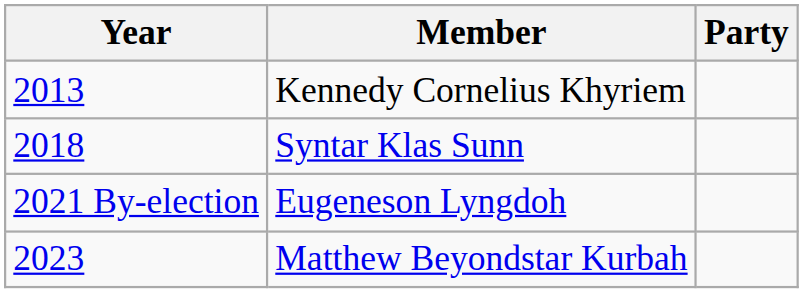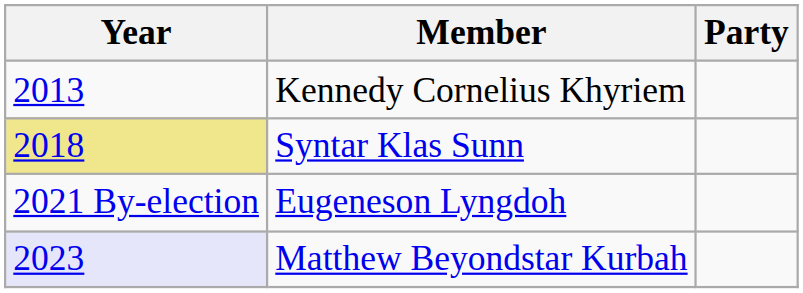 <table class="wikitable sortable">
 <tr>
 <th>Year</th>
 <th>Member</th>
 <th colspan="2">Party</th>
 </tr>
 <tr>
 <td><a href='#'>2013</a></td>
 <td>Kennedy Cornelius Khyriem</td>
 <td></td>
 </tr>
 <tr>
-<td><a href='#'>2018</a></td>
+<td style="background: khaki;"><a href='#'>2018</a></td>
 <td><a href='#'>Syntar Klas Sunn</a></td>
 <td></td>
 </tr>
 <tr>
 <td><a href='#'>2021 By-election</a></td>
 <td><a href='#'>Eugeneson Lyngdoh</a></td>
 <td></td>
 </tr>
 <tr>
-<td><a href='#'>2023</a></td>
+<td style="background: lavender;"><a href='#'>2023</a></td>
 <td><a href='#'>Matthew Beyondstar Kurbah</a></td>
 </tr>
 </table>
